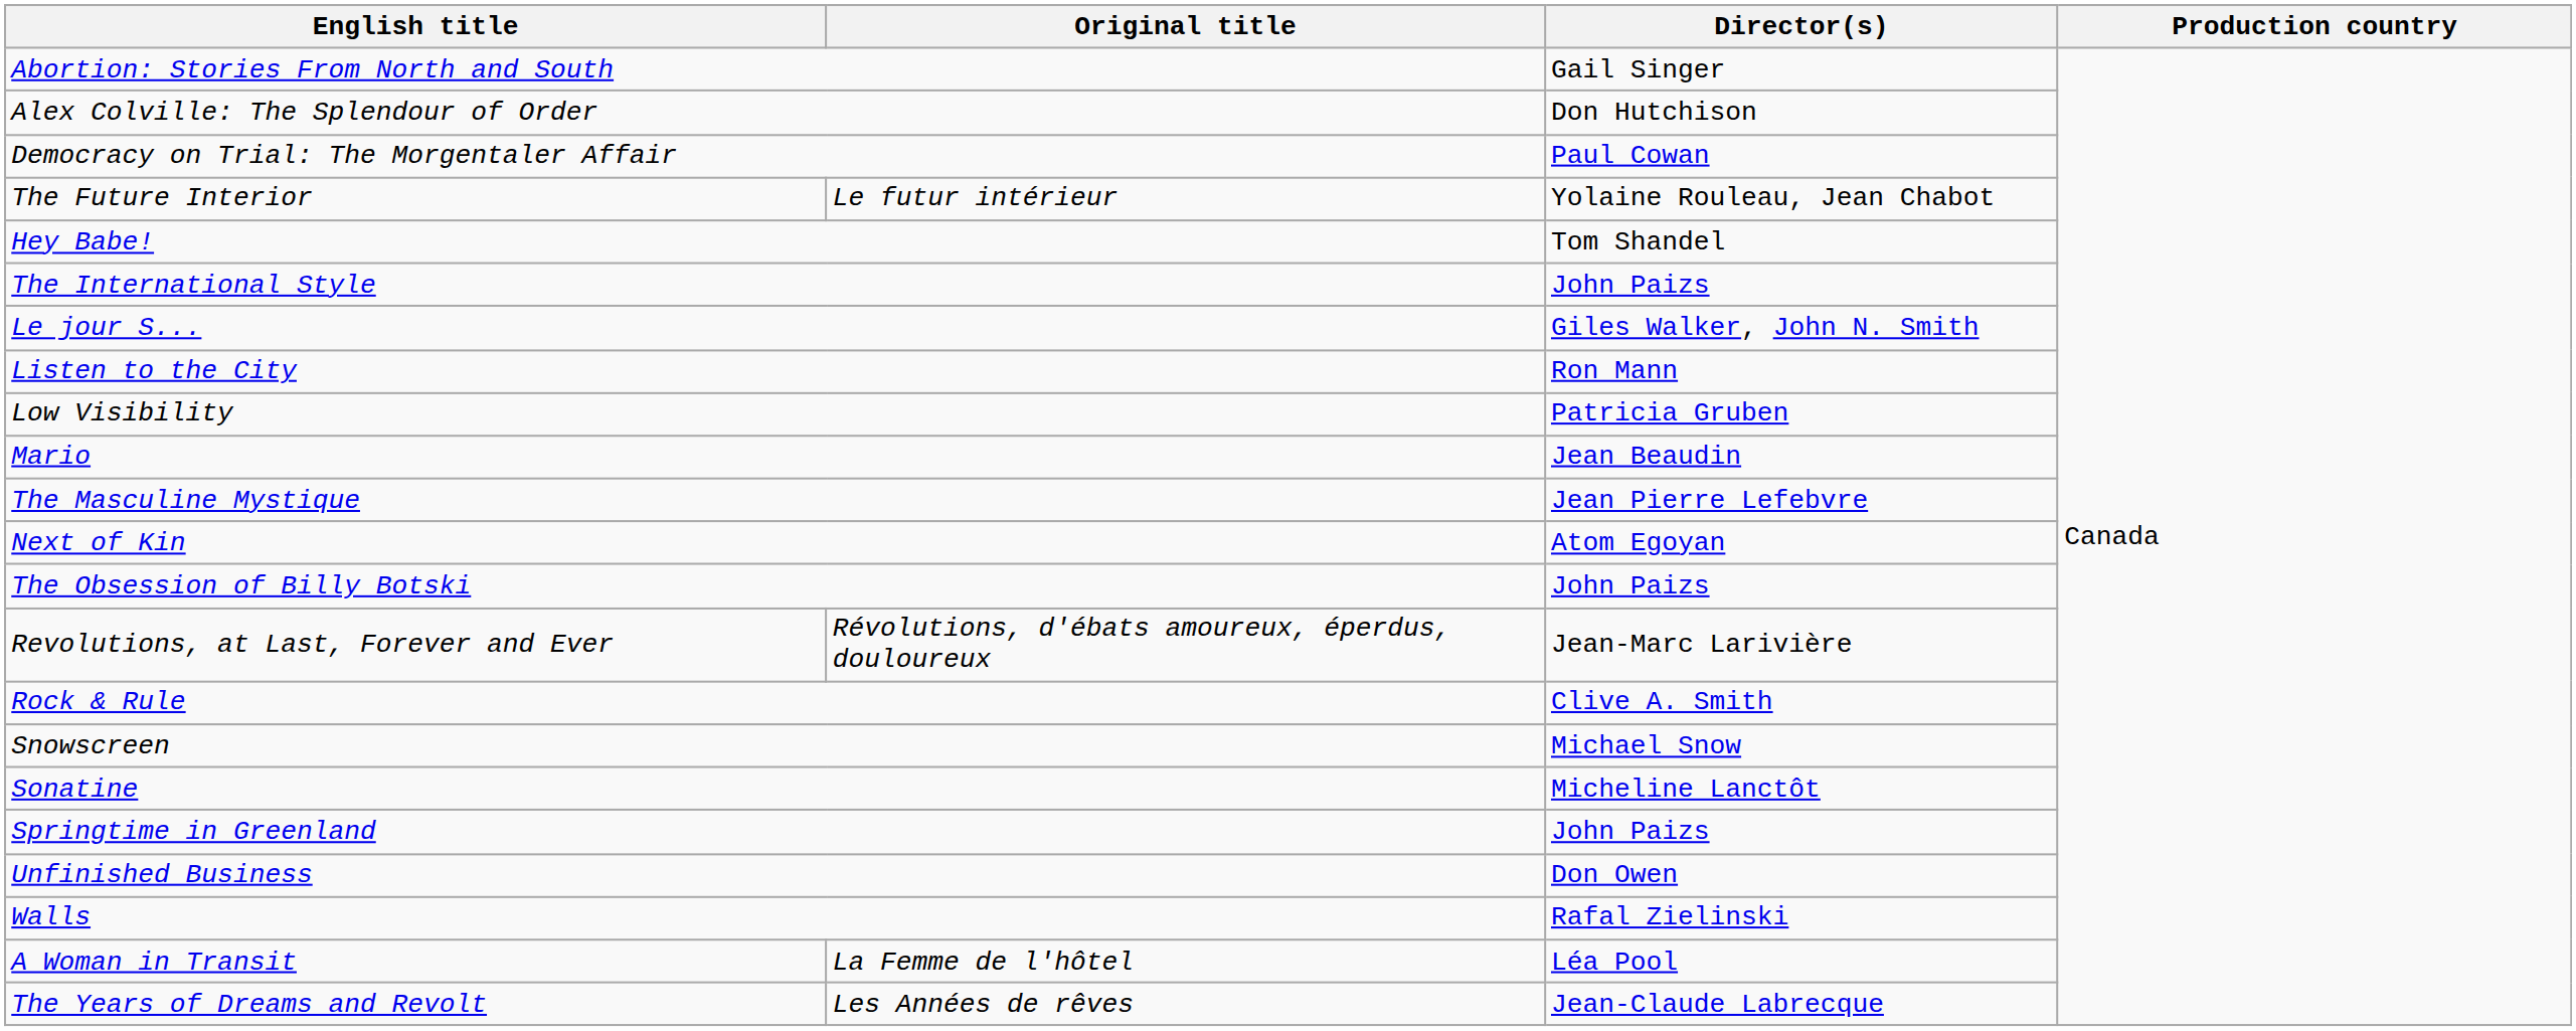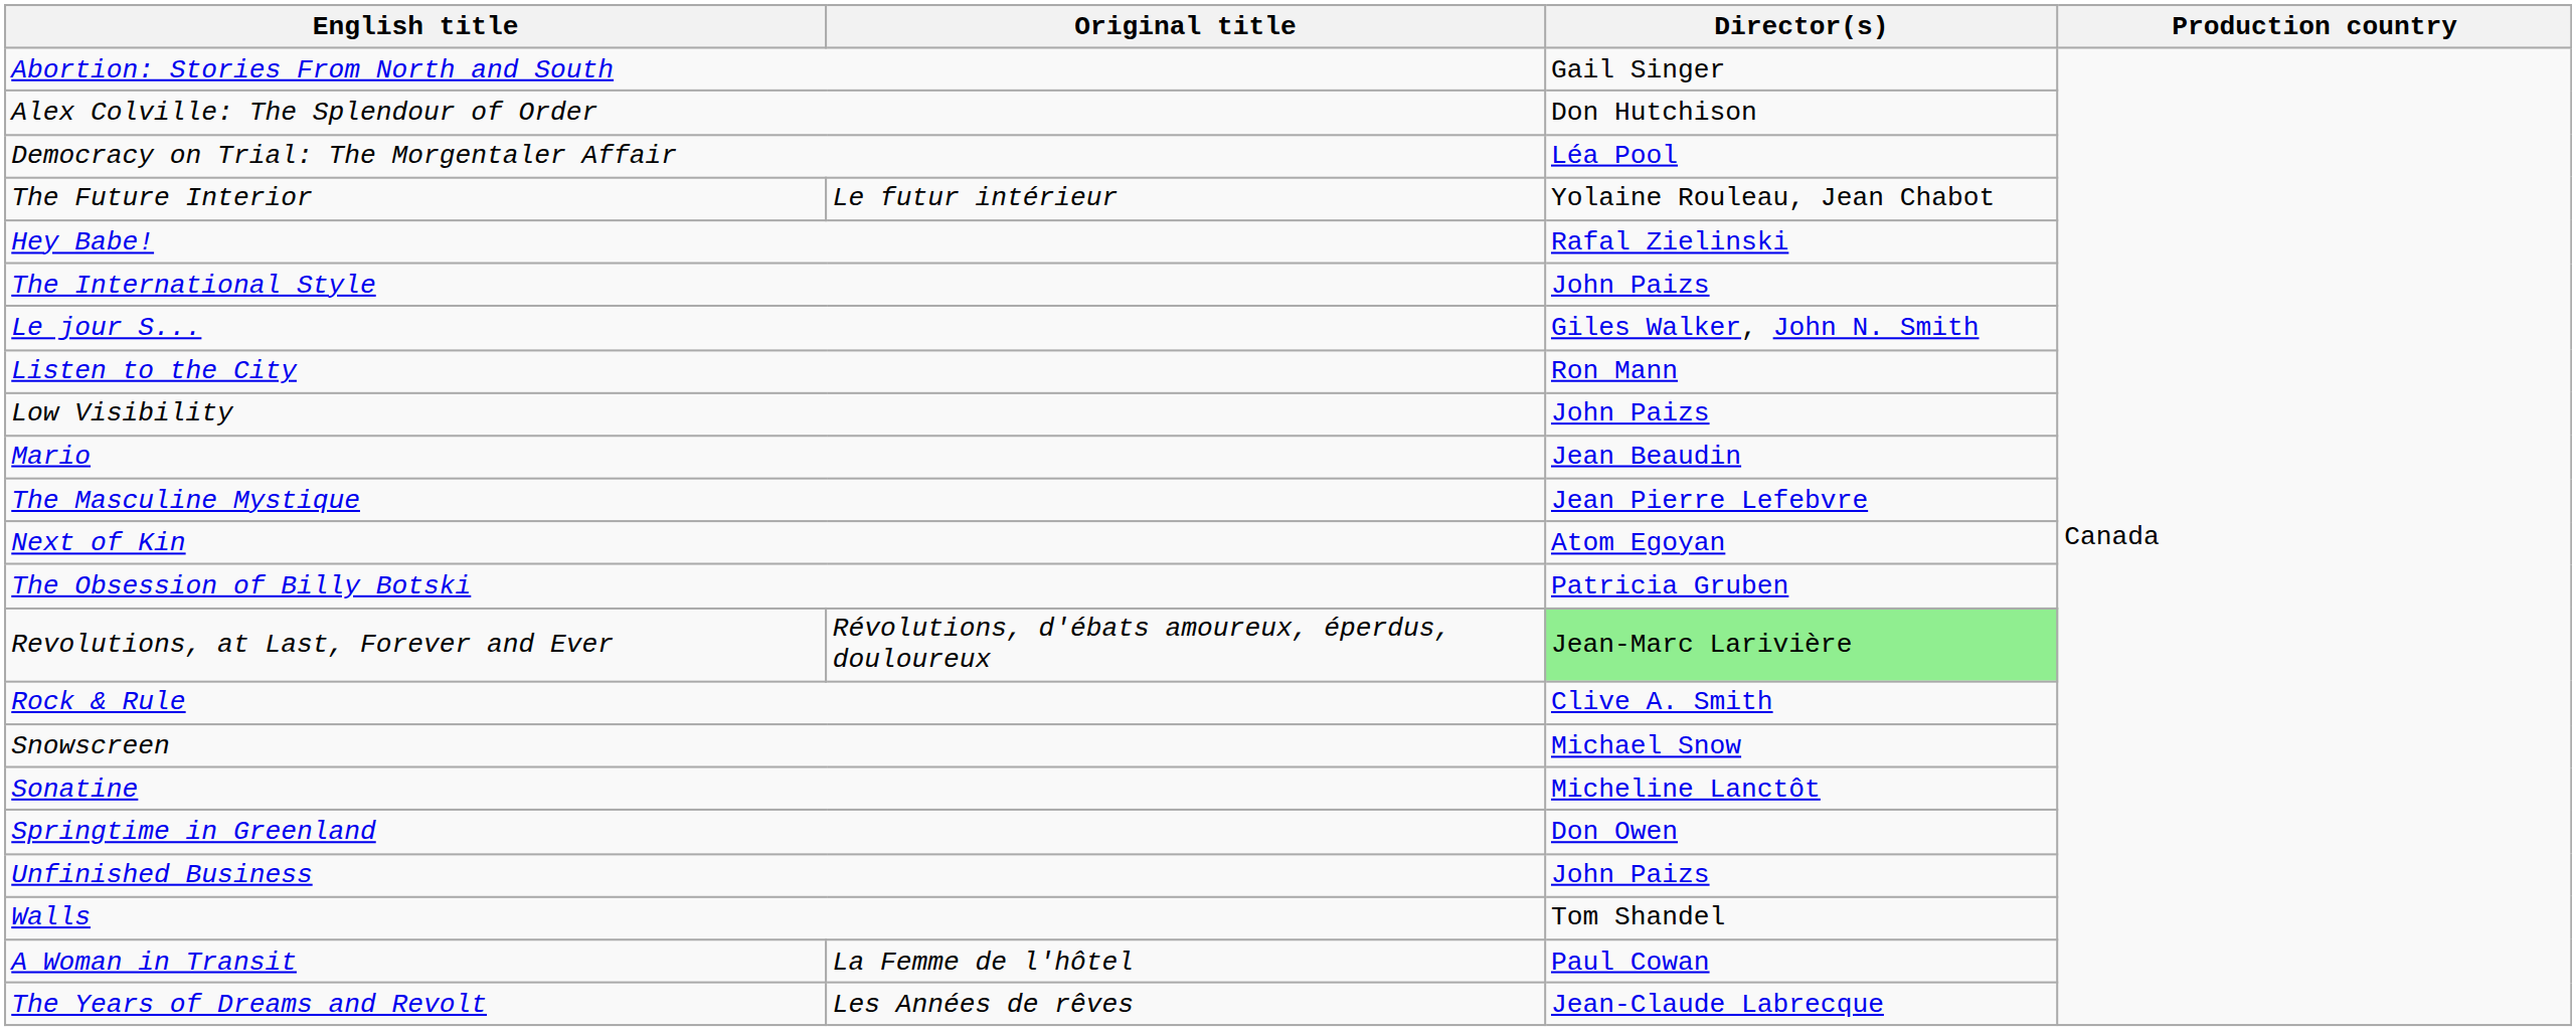 <table class="wikitable sortable" style="width:100%; margin-bottom:4px">
 <tr>
 <th scope="col" width="32%">English title</th>
 <th scope="col" width="28%">Original title</th>
 <th scope="col" width="20%">Director(s)</th>
 <th scope="col" width="20%">Production country</th>
 </tr>
 <tr>
 <td colspan=2><em><a href='#'>Abortion: Stories From North and South</a></em></td>
 <td>Gail Singer</td>
 <td rowspan=22>Canada</td>
 </tr>
 <tr>
 <td colspan=2><em>Alex Colville: The Splendour of Order</em></td>
 <td>Don Hutchison</td>
 </tr>
 <tr>
 <td colspan=2><em>Democracy on Trial: The Morgentaler Affair</em></td>
-<td><a href='#'>Paul Cowan</a></td>
+<td><a href='#'>Léa Pool</a></td>
 </tr>
 <tr>
 <td><em>The Future Interior</em></td>
 <td><em>Le futur intérieur</em></td>
 <td>Yolaine Rouleau, Jean Chabot</td>
 </tr>
 <tr>
 <td colspan=2><em><a href='#'>Hey Babe!</a></em></td>
-<td>Tom Shandel</td>
+<td><a href='#'>Rafal Zielinski</a></td>
 </tr>
 <tr>
 <td colspan=2><em><a href='#'>The International Style</a></em></td>
 <td><a href='#'>John Paizs</a></td>
 </tr>
 <tr>
 <td colspan=2><em><a href='#'>Le jour S...</a></em></td>
 <td><a href='#'>Giles Walker</a>, <a href='#'>John N. Smith</a></td>
 </tr>
 <tr>
 <td colspan=2><em><a href='#'>Listen to the City</a></em></td>
 <td><a href='#'>Ron Mann</a></td>
 </tr>
 <tr>
 <td colspan=2><em>Low Visibility</em></td>
-<td><a href='#'>Patricia Gruben</a></td>
+<td><a href='#'>John Paizs</a></td>
 </tr>
 <tr>
 <td colspan=2><em><a href='#'>Mario</a></em></td>
 <td><a href='#'>Jean Beaudin</a></td>
 </tr>
 <tr>
 <td colspan=2><em><a href='#'>The Masculine Mystique</a></em></td>
 <td><a href='#'>Jean Pierre Lefebvre</a></td>
 </tr>
 <tr>
 <td colspan=2><em><a href='#'>Next of Kin</a></em></td>
 <td><a href='#'>Atom Egoyan</a></td>
 </tr>
 <tr>
 <td colspan=2><em><a href='#'>The Obsession of Billy Botski</a></em></td>
-<td><a href='#'>John Paizs</a></td>
+<td><a href='#'>Patricia Gruben</a></td>
 </tr>
 <tr>
 <td><em>Revolutions, at Last, Forever and Ever</em></td>
 <td><em>Révolutions, d'ébats amoureux, éperdus, douloureux</em></td>
-<td>Jean-Marc Larivière</td>
+<td style="background: lightgreen;">Jean-Marc Larivière</td>
 </tr>
 <tr>
 <td colspan=2><em><a href='#'>Rock & Rule</a></em></td>
 <td><a href='#'>Clive A. Smith</a></td>
 </tr>
 <tr>
 <td colspan=2><em>Snowscreen</em></td>
 <td><a href='#'>Michael Snow</a></td>
 </tr>
 <tr>
 <td colspan=2><em><a href='#'>Sonatine</a></em></td>
 <td><a href='#'>Micheline Lanctôt</a></td>
 </tr>
 <tr>
 <td colspan=2><em><a href='#'>Springtime in Greenland</a></em></td>
+<td><a href='#'>Don Owen</a></td>
+</tr>
+<tr>
+<td colspan=2><em><a href='#'>Unfinished Business</a></em></td>
 <td><a href='#'>John Paizs</a></td>
 </tr>
 <tr>
-<td colspan=2><em><a href='#'>Unfinished Business</a></em></td>
-<td><a href='#'>Don Owen</a></td>
-</tr>
-<tr>
 <td colspan=2><em><a href='#'>Walls</a></em></td>
-<td><a href='#'>Rafal Zielinski</a></td>
+<td>Tom Shandel</td>
 </tr>
 <tr>
 <td><em><a href='#'>A Woman in Transit</a></em></td>
 <td><em>La Femme de l'hôtel</em></td>
-<td><a href='#'>Léa Pool</a></td>
+<td><a href='#'>Paul Cowan</a></td>
 </tr>
 <tr>
 <td><em><a href='#'>The Years of Dreams and Revolt</a></em></td>
 <td><em>Les Années de rêves</em></td>
 <td><a href='#'>Jean-Claude Labrecque</a></td>
 </tr>
 </table>
